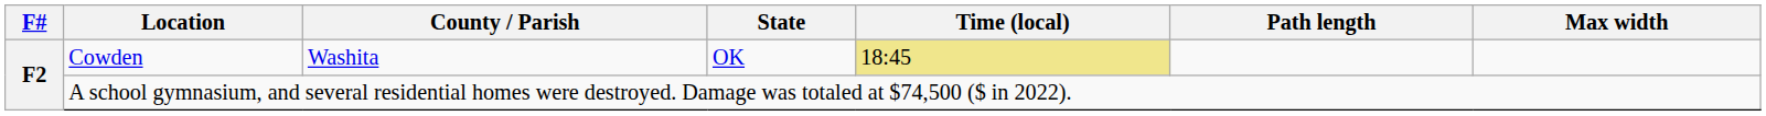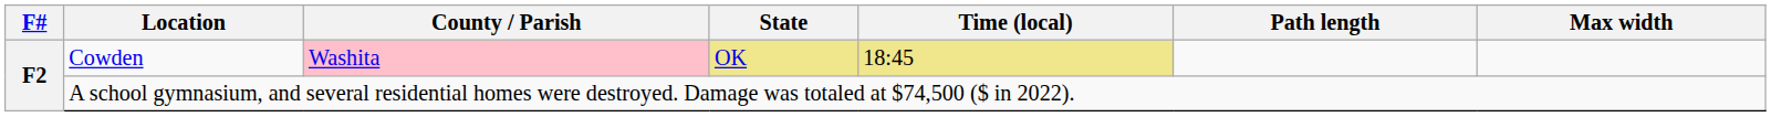 <table class="wikitable sortable" style="width:100%;">
 <tr>
 <th scope="col" align="center"><a href='#'>F#</a><br></th>
 <th scope="col" align="center" class="unsortable">Location</th>
 <th scope="col" align="center" class="unsortable">County / Parish</th>
 <th scope="col" align="center">State</th>
 <th scope="col" align="center">Time (local)</th>
 <th scope="col" align="center">Path length</th>
 <th scope="col" align="center">Max width</th>
 </tr>
 <tr>
 <th scope="row" rowspan="2" style="background-color:#">F2</th>
 <td><a href='#'>Cowden</a></td>
-<td><a href='#'>Washita</a></td>
-<td><a href='#'>OK</a></td>
+<td style="background: pink;"><a href='#'>Washita</a></td>
+<td style="background: khaki;"><a href='#'>OK</a></td>
 <td style="background: khaki;">18:45</td>
 <td></td>
 <td></td>
 </tr>
 <tr class="expand-child">
 <td colspan="6" style="border-bottom: 1px solid black;">A school gymnasium,  and several residential homes were destroyed. Damage was totaled at $74,500 ($ in 2022).</td>
 </tr>
 </table>
